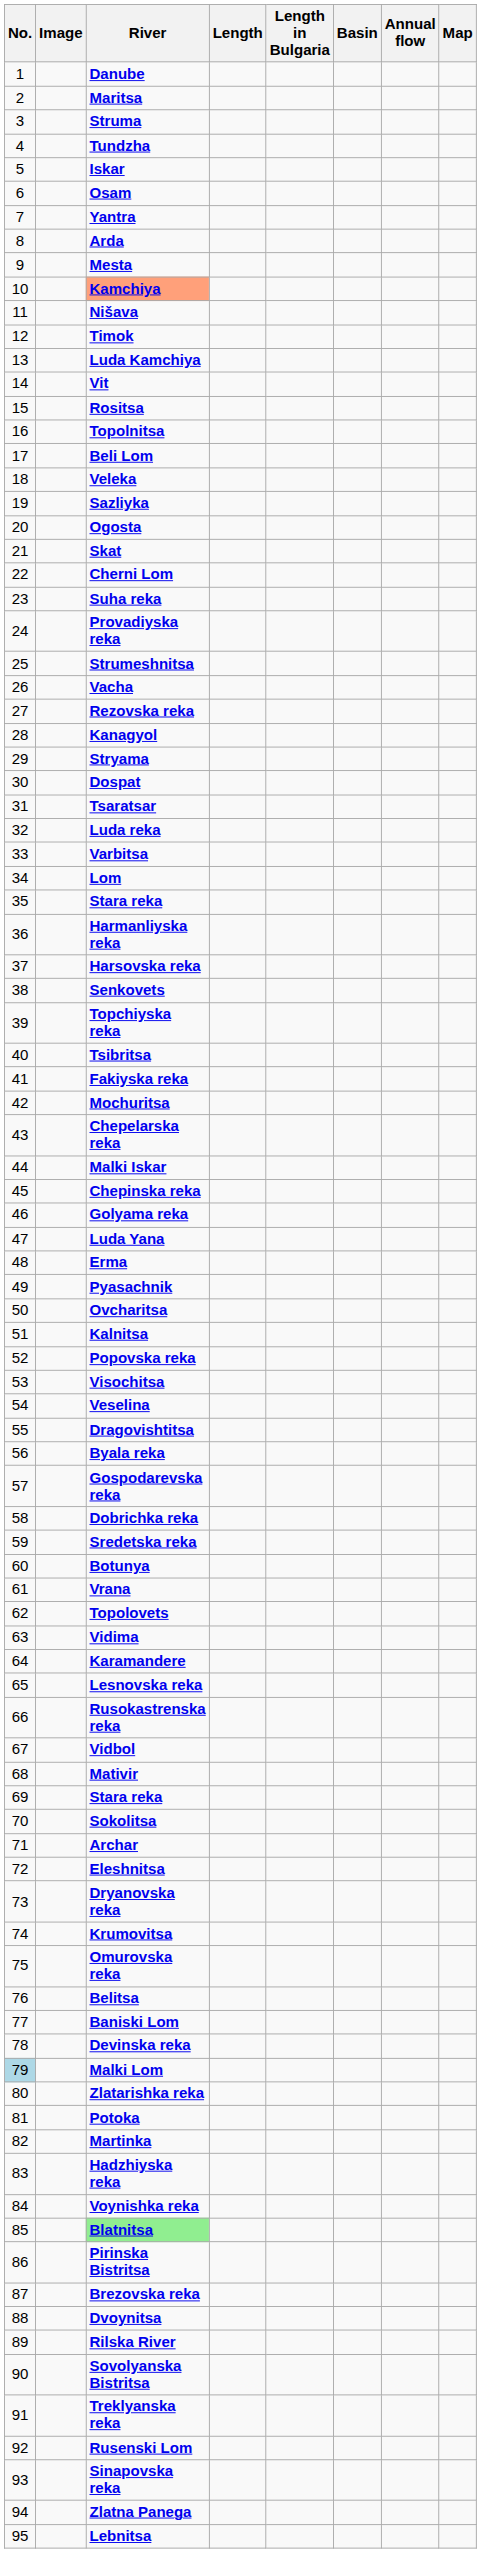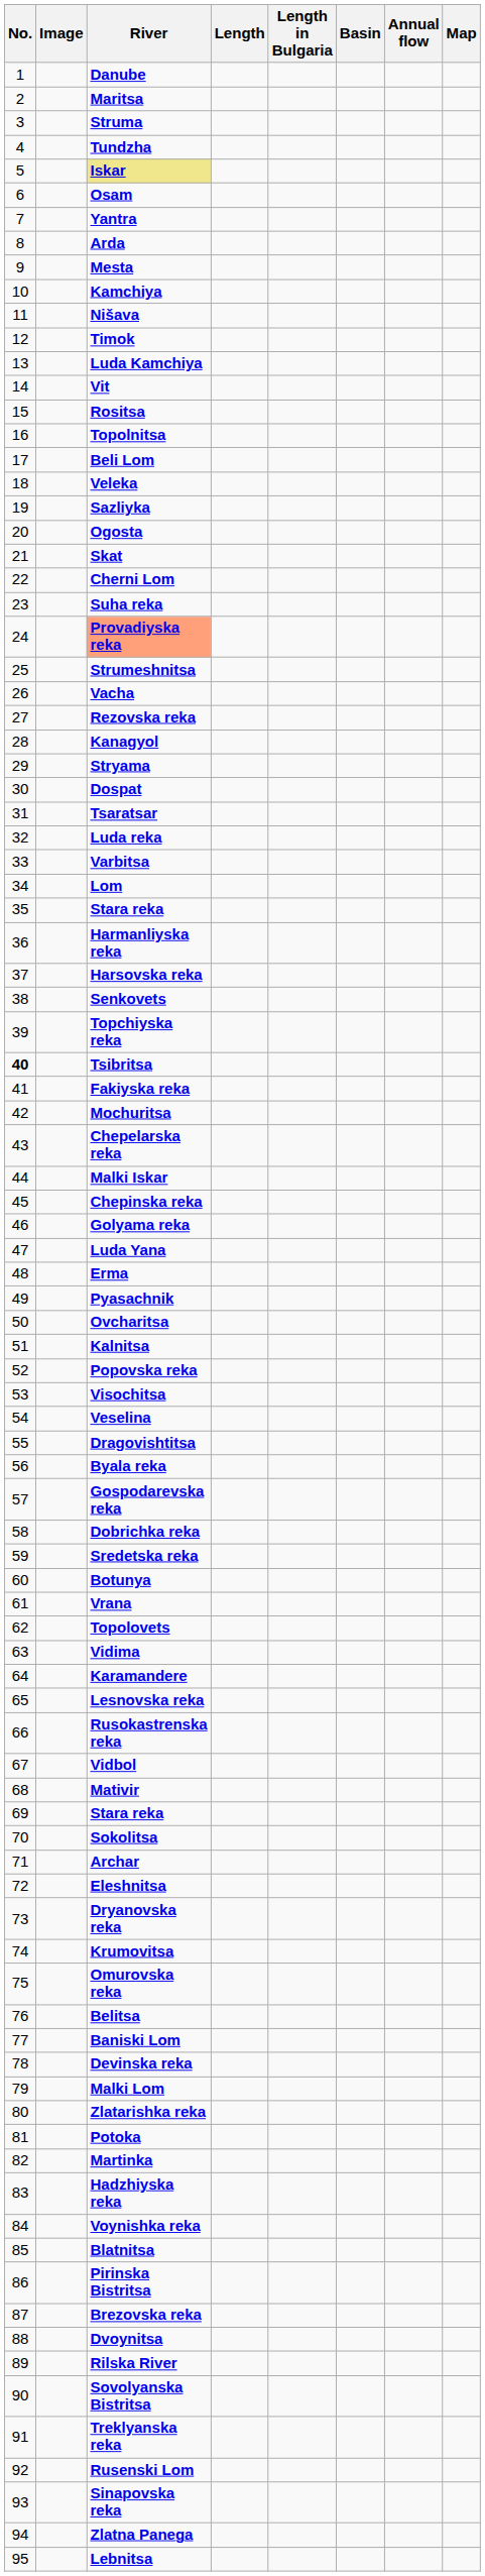 <table class="wikitable sortable"; width="75%">
 <tr>
 <th>No.</th>
 <th class="unsortable">Image</th>
 <th>River</th>
 <th>Length</th>
 <th>Length in Bulgaria</th>
 <th>Basin</th>
 <th>Annual flow</th>
 <th class="unsortable">Map</th>
 </tr>
 <tr>
 <td align="center">1</td>
 <td></td>
 <td><strong><a href='#'>Danube</a></strong></td>
 <td></td>
 <td></td>
 <td></td>
 <td></td>
 <td></td>
 </tr>
 <tr>
 <td align="center">2</td>
 <td></td>
 <td><strong><a href='#'>Maritsa</a></strong></td>
 <td></td>
 <td></td>
 <td></td>
 <td></td>
 <td></td>
 </tr>
 <tr>
 <td align="center">3</td>
 <td></td>
 <td><strong><a href='#'>Struma</a></strong></td>
 <td></td>
 <td></td>
 <td></td>
 <td></td>
 <td></td>
 </tr>
 <tr>
 <td align="center">4</td>
 <td></td>
 <td><strong><a href='#'>Tundzha</a></strong></td>
 <td></td>
 <td></td>
 <td></td>
 <td></td>
 <td></td>
 </tr>
 <tr>
 <td align="center">5</td>
 <td></td>
-<td><strong><a href='#'>Iskar</a></strong></td>
+<td style="background: khaki;"><strong><a href='#'>Iskar</a></strong></td>
 <td></td>
 <td></td>
 <td></td>
 <td></td>
 <td></td>
 </tr>
 <tr>
 <td align="center">6</td>
 <td></td>
 <td><strong><a href='#'>Osam</a></strong></td>
 <td></td>
 <td></td>
 <td></td>
 <td></td>
 <td></td>
 </tr>
 <tr>
 <td align="center">7</td>
 <td></td>
 <td><strong><a href='#'>Yantra</a></strong></td>
 <td></td>
 <td></td>
 <td></td>
 <td></td>
 <td></td>
 </tr>
 <tr>
 <td align="center">8</td>
 <td></td>
 <td><strong><a href='#'>Arda</a></strong></td>
 <td></td>
 <td></td>
 <td></td>
 <td></td>
 <td></td>
 </tr>
 <tr>
 <td align="center">9</td>
 <td></td>
 <td><strong><a href='#'>Mesta</a></strong></td>
 <td></td>
 <td></td>
 <td></td>
 <td></td>
 <td></td>
 </tr>
 <tr>
 <td align="center">10</td>
 <td></td>
-<td style="background: lightsalmon;"><strong><a href='#'>Kamchiya</a></strong></td>
+<td><strong><a href='#'>Kamchiya</a></strong></td>
 <td></td>
 <td></td>
 <td></td>
 <td></td>
 <td></td>
 </tr>
 <tr>
 <td align="center">11</td>
 <td></td>
 <td><strong><a href='#'>Nišava</a></strong></td>
 <td></td>
 <td></td>
 <td></td>
 <td></td>
 <td></td>
 </tr>
 <tr>
 <td align="center">12</td>
 <td></td>
 <td><strong><a href='#'>Timok</a></strong></td>
 <td></td>
 <td></td>
 <td></td>
 <td></td>
 <td></td>
 </tr>
 <tr>
 <td align="center">13</td>
 <td></td>
 <td><strong><a href='#'>Luda Kamchiya</a></strong></td>
 <td></td>
 <td></td>
 <td></td>
 <td></td>
 <td></td>
 </tr>
 <tr>
 <td align="center">14</td>
 <td></td>
 <td><strong><a href='#'>Vit</a></strong></td>
 <td></td>
 <td></td>
 <td></td>
 <td></td>
 <td></td>
 </tr>
 <tr>
 <td align="center">15</td>
 <td></td>
 <td><strong><a href='#'>Rositsa</a></strong></td>
 <td></td>
 <td></td>
 <td></td>
 <td></td>
 <td></td>
 </tr>
 <tr>
 <td align="center">16</td>
 <td></td>
 <td><strong><a href='#'>Topolnitsa</a></strong></td>
 <td></td>
 <td></td>
 <td></td>
 <td></td>
 <td></td>
 </tr>
 <tr>
 <td align="center">17</td>
 <td></td>
 <td><strong><a href='#'>Beli Lom</a></strong></td>
 <td></td>
 <td></td>
 <td></td>
 <td></td>
 <td></td>
 </tr>
 <tr>
 <td align="center">18</td>
 <td></td>
 <td><strong><a href='#'>Veleka</a></strong></td>
 <td></td>
 <td></td>
 <td></td>
 <td></td>
 <td></td>
 </tr>
 <tr>
 <td align="center">19</td>
 <td></td>
 <td><strong><a href='#'>Sazliyka</a></strong></td>
 <td></td>
 <td></td>
 <td></td>
 <td></td>
 <td></td>
 </tr>
 <tr>
 <td align="center">20</td>
 <td></td>
 <td><strong><a href='#'>Ogosta</a></strong></td>
 <td></td>
 <td></td>
 <td></td>
 <td></td>
 <td></td>
 </tr>
 <tr>
 <td align="center">21</td>
 <td></td>
 <td><strong><a href='#'>Skat</a></strong></td>
 <td></td>
 <td></td>
 <td></td>
 <td></td>
 <td></td>
 </tr>
 <tr>
 <td align="center">22</td>
 <td></td>
 <td><strong><a href='#'>Cherni Lom</a></strong></td>
 <td></td>
 <td></td>
 <td></td>
 <td></td>
 <td></td>
 </tr>
 <tr>
 <td align="center">23</td>
 <td></td>
 <td><strong><a href='#'>Suha reka</a></strong></td>
 <td></td>
 <td></td>
 <td></td>
 <td></td>
 <td></td>
 </tr>
 <tr>
 <td align="center">24</td>
 <td></td>
-<td><strong><a href='#'>Provadiyska reka</a></strong></td>
+<td style="background: lightsalmon;"><strong><a href='#'>Provadiyska reka</a></strong></td>
 <td></td>
 <td></td>
 <td></td>
 <td></td>
 <td></td>
 </tr>
 <tr>
 <td align="center">25</td>
 <td></td>
 <td><strong><a href='#'>Strumeshnitsa</a></strong></td>
 <td></td>
 <td></td>
 <td></td>
 <td></td>
 <td></td>
 </tr>
 <tr>
 <td align="center">26</td>
 <td></td>
 <td><strong><a href='#'>Vacha</a></strong></td>
 <td></td>
 <td></td>
 <td></td>
 <td></td>
 <td></td>
 </tr>
 <tr>
 <td align="center">27</td>
 <td></td>
 <td><strong><a href='#'>Rezovska reka</a></strong></td>
 <td></td>
 <td></td>
 <td></td>
 <td></td>
 <td></td>
 </tr>
 <tr>
 <td align="center">28</td>
 <td></td>
 <td><strong><a href='#'>Kanagyol</a></strong></td>
 <td></td>
 <td></td>
 <td></td>
 <td></td>
 <td></td>
 </tr>
 <tr>
 <td align="center">29</td>
 <td></td>
 <td><strong><a href='#'>Stryama</a></strong></td>
 <td></td>
 <td></td>
 <td></td>
 <td></td>
 <td></td>
 </tr>
 <tr>
 <td align="center">30</td>
 <td></td>
 <td><strong><a href='#'>Dospat</a></strong></td>
 <td></td>
 <td></td>
 <td></td>
 <td></td>
 <td></td>
 </tr>
 <tr>
 <td align="center">31</td>
 <td></td>
 <td><strong><a href='#'>Tsaratsar</a></strong></td>
 <td></td>
 <td></td>
 <td></td>
 <td></td>
 <td></td>
 </tr>
 <tr>
 <td align="center">32</td>
 <td></td>
 <td><strong><a href='#'>Luda reka</a></strong></td>
 <td></td>
 <td></td>
 <td></td>
 <td></td>
 <td></td>
 </tr>
 <tr>
 <td align="center">33</td>
 <td></td>
 <td><strong><a href='#'>Varbitsa</a></strong></td>
 <td></td>
 <td></td>
 <td></td>
 <td></td>
 <td></td>
 </tr>
 <tr>
 <td align="center">34</td>
 <td></td>
 <td><strong><a href='#'>Lom</a></strong></td>
 <td></td>
 <td></td>
 <td></td>
 <td></td>
 <td></td>
 </tr>
 <tr>
 <td align="center">35</td>
 <td></td>
 <td><strong><a href='#'>Stara reka</a></strong></td>
 <td></td>
 <td></td>
 <td></td>
 <td></td>
 <td></td>
 </tr>
 <tr>
 <td align="center">36</td>
 <td></td>
 <td><strong><a href='#'>Harmanliyska reka</a></strong></td>
 <td></td>
 <td></td>
 <td></td>
 <td></td>
 <td></td>
 </tr>
 <tr>
 <td align="center">37</td>
 <td></td>
 <td><strong><a href='#'>Harsovska reka</a></strong></td>
 <td></td>
 <td></td>
 <td></td>
 <td></td>
 <td></td>
 </tr>
 <tr>
 <td align="center">38</td>
 <td></td>
 <td><strong><a href='#'>Senkovets</a></strong></td>
 <td></td>
 <td></td>
 <td></td>
 <td></td>
 <td></td>
 </tr>
 <tr>
 <td align="center">39</td>
 <td></td>
 <td><strong><a href='#'>Topchiyska reka</a></strong></td>
 <td></td>
 <td></td>
 <td></td>
 <td></td>
 <td></td>
 </tr>
 <tr>
-<td align="center">40</td>
+<td align="center"><strong>40</strong></td>
 <td></td>
 <td><strong><a href='#'>Tsibritsa</a></strong></td>
 <td></td>
 <td></td>
 <td></td>
 <td></td>
 <td></td>
 </tr>
 <tr>
 <td align="center">41</td>
 <td></td>
 <td><strong><a href='#'>Fakiyska reka</a></strong></td>
 <td></td>
 <td></td>
 <td></td>
 <td></td>
 <td></td>
 </tr>
 <tr>
 <td align="center">42</td>
 <td></td>
 <td><strong><a href='#'>Mochuritsa</a></strong></td>
 <td></td>
 <td></td>
 <td></td>
 <td></td>
 <td></td>
 </tr>
 <tr>
 <td align="center">43</td>
 <td></td>
 <td><strong><a href='#'>Chepelarska reka</a></strong></td>
 <td></td>
 <td></td>
 <td></td>
 <td></td>
 <td></td>
 </tr>
 <tr>
 <td align="center">44</td>
 <td></td>
 <td><strong><a href='#'>Malki Iskar</a></strong></td>
 <td></td>
 <td></td>
 <td></td>
 <td></td>
 <td></td>
 </tr>
 <tr>
 <td align="center">45</td>
 <td></td>
 <td><strong><a href='#'>Chepinska reka</a></strong></td>
 <td></td>
 <td></td>
 <td></td>
 <td></td>
 <td></td>
 </tr>
 <tr>
 <td align="center">46</td>
 <td></td>
 <td><strong><a href='#'>Golyama reka</a></strong></td>
 <td></td>
 <td></td>
 <td></td>
 <td></td>
 <td></td>
 </tr>
 <tr>
 <td align="center">47</td>
 <td></td>
 <td><strong><a href='#'>Luda Yana</a></strong></td>
 <td></td>
 <td></td>
 <td></td>
 <td></td>
 <td></td>
 </tr>
 <tr>
 <td align="center">48</td>
 <td></td>
 <td><strong><a href='#'>Erma</a></strong></td>
 <td></td>
 <td></td>
 <td></td>
 <td></td>
 <td></td>
 </tr>
 <tr>
 <td align="center">49</td>
 <td></td>
 <td><strong><a href='#'>Pyasachnik</a></strong></td>
 <td></td>
 <td></td>
 <td></td>
 <td></td>
 <td></td>
 </tr>
 <tr>
 <td align="center">50</td>
 <td></td>
 <td><strong><a href='#'>Ovcharitsa</a></strong></td>
 <td></td>
 <td></td>
 <td></td>
 <td></td>
 <td></td>
 </tr>
 <tr>
 <td align="center">51</td>
 <td></td>
 <td><strong><a href='#'>Kalnitsa</a></strong></td>
 <td></td>
 <td></td>
 <td></td>
 <td></td>
 <td></td>
 </tr>
 <tr>
 <td align="center">52</td>
 <td></td>
 <td><strong><a href='#'>Popovska reka</a></strong></td>
 <td></td>
 <td></td>
 <td></td>
 <td></td>
 <td></td>
 </tr>
 <tr>
 <td align="center">53</td>
 <td></td>
 <td><strong><a href='#'>Visochitsa</a></strong></td>
 <td></td>
 <td></td>
 <td></td>
 <td></td>
 <td></td>
 </tr>
 <tr>
 <td align="center">54</td>
 <td></td>
 <td><strong><a href='#'>Veselina</a></strong></td>
 <td></td>
 <td></td>
 <td></td>
 <td></td>
 <td></td>
 </tr>
 <tr>
 <td align="center">55</td>
 <td></td>
 <td><strong><a href='#'>Dragovishtitsa</a></strong></td>
 <td></td>
 <td></td>
 <td></td>
 <td></td>
 <td></td>
 </tr>
 <tr>
 <td align="center">56</td>
 <td></td>
 <td><strong><a href='#'>Byala reka</a></strong></td>
 <td></td>
 <td></td>
 <td></td>
 <td></td>
 <td></td>
 </tr>
 <tr>
 <td align="center">57</td>
 <td></td>
 <td><strong><a href='#'>Gospodarevska reka</a></strong></td>
 <td></td>
 <td></td>
 <td></td>
 <td></td>
 <td></td>
 </tr>
 <tr>
 <td align="center">58</td>
 <td></td>
 <td><strong><a href='#'>Dobrichka reka</a></strong></td>
 <td></td>
 <td></td>
 <td></td>
 <td></td>
 <td></td>
 </tr>
 <tr>
 <td align="center">59</td>
 <td></td>
 <td><strong><a href='#'>Sredetska reka</a></strong></td>
 <td></td>
 <td></td>
 <td></td>
 <td></td>
 <td></td>
 </tr>
 <tr>
 <td align="center">60</td>
 <td></td>
 <td><strong><a href='#'>Botunya</a></strong></td>
 <td></td>
 <td></td>
 <td></td>
 <td></td>
 <td></td>
 </tr>
 <tr>
 <td align="center">61</td>
 <td></td>
 <td><strong><a href='#'>Vrana</a></strong></td>
 <td></td>
 <td></td>
 <td></td>
 <td></td>
 <td></td>
 </tr>
 <tr>
 <td align="center">62</td>
 <td></td>
 <td><strong><a href='#'>Topolovets</a></strong></td>
 <td></td>
 <td></td>
 <td></td>
 <td></td>
 <td></td>
 </tr>
 <tr>
 <td align="center">63</td>
 <td></td>
 <td><strong><a href='#'>Vidima</a></strong></td>
 <td></td>
 <td></td>
 <td></td>
 <td></td>
 <td></td>
 </tr>
 <tr>
 <td align="center">64</td>
 <td></td>
 <td><strong><a href='#'>Karamandere</a></strong></td>
 <td></td>
 <td></td>
 <td></td>
 <td></td>
 <td></td>
 </tr>
 <tr>
 <td align="center">65</td>
 <td></td>
 <td><strong><a href='#'>Lesnovska reka</a></strong></td>
 <td></td>
 <td></td>
 <td></td>
 <td></td>
 <td></td>
 </tr>
 <tr>
 <td align="center">66</td>
 <td></td>
 <td><strong><a href='#'>Rusokastrenska reka</a></strong></td>
 <td></td>
 <td></td>
 <td></td>
 <td></td>
 <td></td>
 </tr>
 <tr>
 <td align="center">67</td>
 <td></td>
 <td><strong><a href='#'>Vidbol</a></strong></td>
 <td></td>
 <td></td>
 <td></td>
 <td></td>
 <td></td>
 </tr>
 <tr>
 <td align="center">68</td>
 <td></td>
 <td><strong><a href='#'>Mativir</a></strong></td>
 <td></td>
 <td></td>
 <td></td>
 <td></td>
 <td></td>
 </tr>
 <tr>
 <td align="center">69</td>
 <td></td>
 <td><strong><a href='#'>Stara reka</a></strong></td>
 <td></td>
 <td></td>
 <td></td>
 <td></td>
 <td></td>
 </tr>
 <tr>
 <td align="center">70</td>
 <td></td>
 <td><strong><a href='#'>Sokolitsa</a></strong></td>
 <td></td>
 <td></td>
 <td></td>
 <td></td>
 <td></td>
 </tr>
 <tr>
 <td align="center">71</td>
 <td></td>
 <td><strong><a href='#'>Archar</a></strong></td>
 <td></td>
 <td></td>
 <td></td>
 <td></td>
 <td></td>
 </tr>
 <tr>
 <td align="center">72</td>
 <td></td>
 <td><strong><a href='#'>Eleshnitsa</a></strong></td>
 <td></td>
 <td></td>
 <td></td>
 <td></td>
 <td></td>
 </tr>
 <tr>
 <td align="center">73</td>
 <td></td>
 <td><strong><a href='#'>Dryanovska reka</a></strong></td>
 <td></td>
 <td></td>
 <td></td>
 <td></td>
 <td></td>
 </tr>
 <tr>
 <td align="center">74</td>
 <td></td>
 <td><strong><a href='#'>Krumovitsa</a></strong></td>
 <td></td>
 <td></td>
 <td></td>
 <td></td>
 <td></td>
 </tr>
 <tr>
 <td align="center">75</td>
 <td></td>
 <td><strong><a href='#'>Omurovska reka</a></strong></td>
 <td></td>
 <td></td>
 <td></td>
 <td></td>
 <td></td>
 </tr>
 <tr>
 <td align="center">76</td>
 <td></td>
 <td><strong><a href='#'>Belitsa</a></strong></td>
 <td></td>
 <td></td>
 <td></td>
 <td></td>
 <td></td>
 </tr>
 <tr>
 <td align="center">77</td>
 <td></td>
 <td><strong><a href='#'>Baniski Lom</a></strong></td>
 <td></td>
 <td></td>
 <td></td>
 <td></td>
 <td></td>
 </tr>
 <tr>
 <td align="center">78</td>
 <td></td>
 <td><strong><a href='#'>Devinska reka</a></strong></td>
 <td></td>
 <td></td>
 <td></td>
 <td></td>
 <td></td>
 </tr>
 <tr>
-<td align="center" style="background: lightblue;">79</td>
+<td align="center">79</td>
 <td></td>
 <td><strong><a href='#'>Malki Lom</a></strong></td>
 <td></td>
 <td></td>
 <td></td>
 <td></td>
 <td></td>
 </tr>
 <tr>
 <td align="center">80</td>
 <td></td>
 <td><strong><a href='#'>Zlatarishka reka</a></strong></td>
 <td></td>
 <td></td>
 <td></td>
 <td></td>
 <td></td>
 </tr>
 <tr>
 <td align="center">81</td>
 <td></td>
 <td><strong><a href='#'>Potoka</a></strong></td>
 <td></td>
 <td></td>
 <td></td>
 <td></td>
 <td></td>
 </tr>
 <tr>
 <td align="center">82</td>
 <td></td>
 <td><strong><a href='#'>Martinka</a></strong></td>
 <td></td>
 <td></td>
 <td></td>
 <td></td>
 <td></td>
 </tr>
 <tr>
 <td align="center">83</td>
 <td></td>
 <td><strong><a href='#'>Hadzhiyska reka</a></strong></td>
 <td></td>
 <td></td>
 <td></td>
 <td></td>
 <td></td>
 </tr>
 <tr>
 <td align="center">84</td>
 <td></td>
 <td><strong><a href='#'>Voynishka reka</a></strong></td>
 <td></td>
 <td></td>
 <td></td>
 <td></td>
 <td></td>
 </tr>
 <tr>
 <td align="center">85</td>
 <td></td>
-<td style="background: lightgreen;"><strong><a href='#'>Blatnitsa</a></strong></td>
+<td><strong><a href='#'>Blatnitsa</a></strong></td>
 <td></td>
 <td></td>
 <td></td>
 <td></td>
 <td></td>
 </tr>
 <tr>
 <td align="center">86</td>
 <td></td>
 <td><strong><a href='#'>Pirinska Bistritsa</a></strong></td>
 <td></td>
 <td></td>
 <td></td>
 <td></td>
 <td></td>
 </tr>
 <tr>
 <td align="center">87</td>
 <td></td>
 <td><strong><a href='#'>Brezovska reka</a></strong></td>
 <td></td>
 <td></td>
 <td></td>
 <td></td>
 <td></td>
 </tr>
 <tr>
 <td align="center">88</td>
 <td></td>
 <td><strong><a href='#'>Dvoynitsa</a></strong></td>
 <td></td>
 <td></td>
 <td></td>
 <td></td>
 <td></td>
 </tr>
 <tr>
 <td align="center">89</td>
 <td></td>
 <td><strong><a href='#'>Rilska River</a></strong></td>
 <td></td>
 <td></td>
 <td></td>
 <td></td>
 <td></td>
 </tr>
 <tr>
 <td align="center">90</td>
 <td></td>
 <td><strong><a href='#'>Sovolyanska Bistritsa</a></strong></td>
 <td></td>
 <td></td>
 <td></td>
 <td></td>
 <td></td>
 </tr>
 <tr>
 <td align="center">91</td>
 <td></td>
 <td><strong><a href='#'>Treklyanska reka</a></strong></td>
 <td></td>
 <td></td>
 <td></td>
 <td></td>
 <td></td>
 </tr>
 <tr>
 <td align="center">92</td>
 <td></td>
 <td><strong><a href='#'>Rusenski Lom</a></strong></td>
 <td></td>
 <td></td>
 <td></td>
 <td></td>
 <td></td>
 </tr>
 <tr>
 <td align="center">93</td>
 <td></td>
 <td><strong><a href='#'>Sinapovska reka</a></strong></td>
 <td></td>
 <td></td>
 <td></td>
 <td></td>
 <td></td>
 </tr>
 <tr>
 <td align="center">94</td>
 <td></td>
 <td><strong><a href='#'>Zlatna Panega</a></strong></td>
 <td></td>
 <td></td>
 <td></td>
 <td></td>
 <td></td>
 </tr>
 <tr>
 <td align="center">95</td>
 <td></td>
 <td><strong><a href='#'>Lebnitsa</a></strong></td>
 <td></td>
 <td></td>
 <td></td>
 <td></td>
 <td></td>
 </tr>
 </table>
